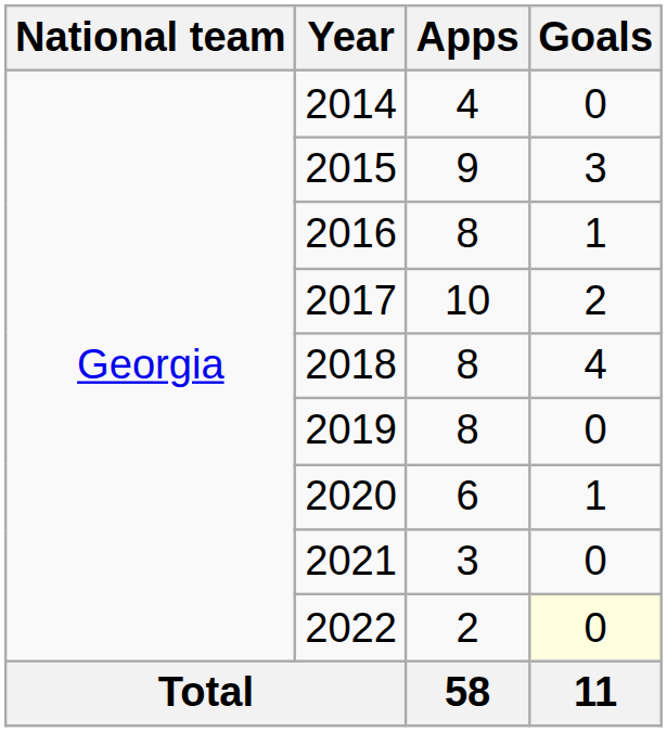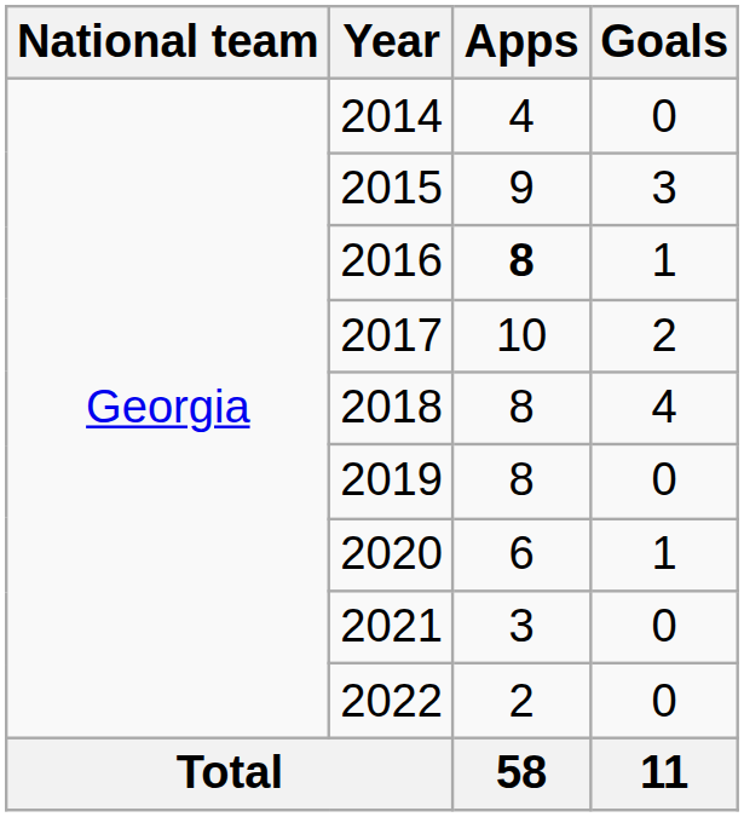 <table class="wikitable" style="text-align:center">
 <tr>
 <th>National team</th>
 <th>Year</th>
 <th>Apps</th>
 <th>Goals</th>
 </tr>
 <tr>
 <td rowspan="9"><a href='#'>Georgia</a></td>
 <td>2014</td>
 <td>4</td>
 <td>0</td>
 </tr>
 <tr>
 <td>2015</td>
 <td>9</td>
 <td>3</td>
 </tr>
 <tr>
 <td>2016</td>
-<td>8</td>
+<td><strong>8</strong></td>
 <td>1</td>
 </tr>
 <tr>
 <td>2017</td>
 <td>10</td>
 <td>2</td>
 </tr>
 <tr>
 <td>2018</td>
 <td>8</td>
 <td>4</td>
 </tr>
 <tr>
 <td>2019</td>
 <td>8</td>
 <td>0</td>
 </tr>
 <tr>
 <td>2020</td>
 <td>6</td>
 <td>1</td>
 </tr>
 <tr>
 <td>2021</td>
 <td>3</td>
 <td>0</td>
 </tr>
 <tr>
 <td>2022</td>
 <td>2</td>
-<td style="background: lightyellow;">0</td>
+<td>0</td>
 </tr>
 <tr>
 <th colspan="2">Total</th>
 <th>58</th>
 <th>11</th>
 </tr>
 </table>
